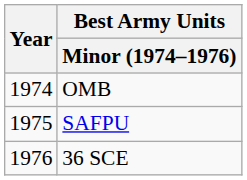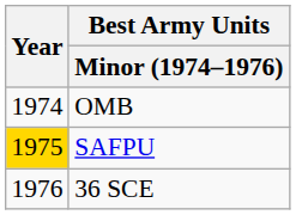 <table class="wikitable">
 <tr>
 <th rowspan="2">Year</th>
 <th>Best Army Units</th>
 </tr>
 <tr>
 <th>Minor (1974–1976)</th>
 </tr>
 <tr>
 <td>1974</td>
 <td>OMB</td>
 </tr>
 <tr>
-<td>1975</td>
+<td style="background: gold;">1975</td>
 <td><a href='#'>SAFPU</a></td>
 </tr>
 <tr>
 <td>1976</td>
 <td>36 SCE</td>
 </tr>
 </table>
